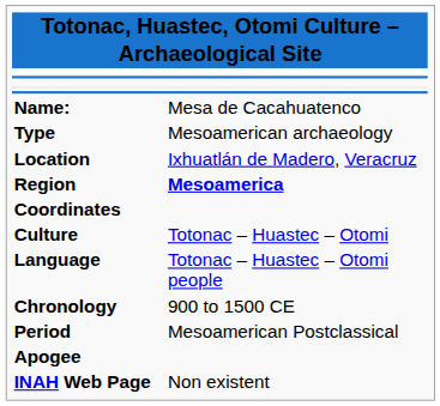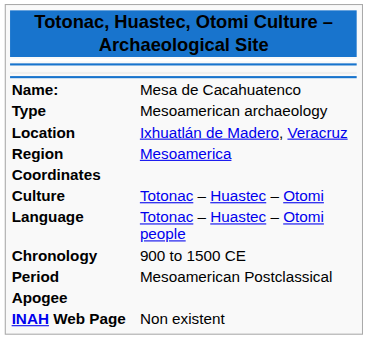 <table class="infobox" style="font-size:90%; text-align:left; width:23.5em">
 <tr>
 <td colspan="3" bgcolor=#1874CD style="text-align: center; font-size: larger;"><span><strong> Totonac, Huastec, Otomi Culture – Archaeological Site</strong></span></td>
 </tr>
 <tr style="vertical-align: top; text-align: center;">
 <td colspan=3 bgcolor="#FFFFFF" align="center"></td>
 </tr>
 <tr>
 <td colspan="2" bgcolor=#1874CD></td>
 </tr>
 <tr>
 <td colspan=2></td>
 </tr>
 <tr>
 <td style="background:#efefef;"align="center" colspan="2"></td>
 </tr>
 <tr>
 <td colspan="2" bgcolor=#1874CD></td>
 </tr>
 <tr>
 <td><strong>Name:</strong></td>
 <td><span> Mesa de Cacahuatenco</span></td>
 </tr>
 <tr>
 <td><strong>Type</strong></td>
 <td>Mesoamerican archaeology</td>
 </tr>
 <tr>
 <td><strong>Location</strong></td>
 <td><a href='#'>Ixhuatlán de Madero</a>, <a href='#'>Veracruz</a> <br></td>
 </tr>
 <tr>
 <td><strong>Region</strong></td>
-<td><strong><a href='#'>Mesoamerica</a></strong></td>
+<td><a href='#'>Mesoamerica</a></td>
 </tr>
 <tr>
 <td><strong>Coordinates</strong></td>
 <td></td>
 </tr>
 <tr>
 <td><strong>Culture</strong></td>
 <td><a href='#'>Totonac</a> – <a href='#'>Huastec</a> – <a href='#'>Otomi</a></td>
 </tr>
 <tr>
 <td><strong>Language</strong></td>
 <td><a href='#'>Totonac</a> – <a href='#'>Huastec</a> – <a href='#'>Otomi people</a></td>
 </tr>
 <tr>
 <td><strong>Chronology</strong></td>
 <td>900 to 1500 CE</td>
 </tr>
 <tr>
 <td><strong>Period</strong></td>
 <td>Mesoamerican Postclassical</td>
 </tr>
 <tr>
 <td><strong>Apogee</strong></td>
 <td></td>
 </tr>
 <tr>
 <td><strong><a href='#'>INAH</a> Web Page</strong></td>
 <td>Non existent</td>
 </tr>
 </table>
